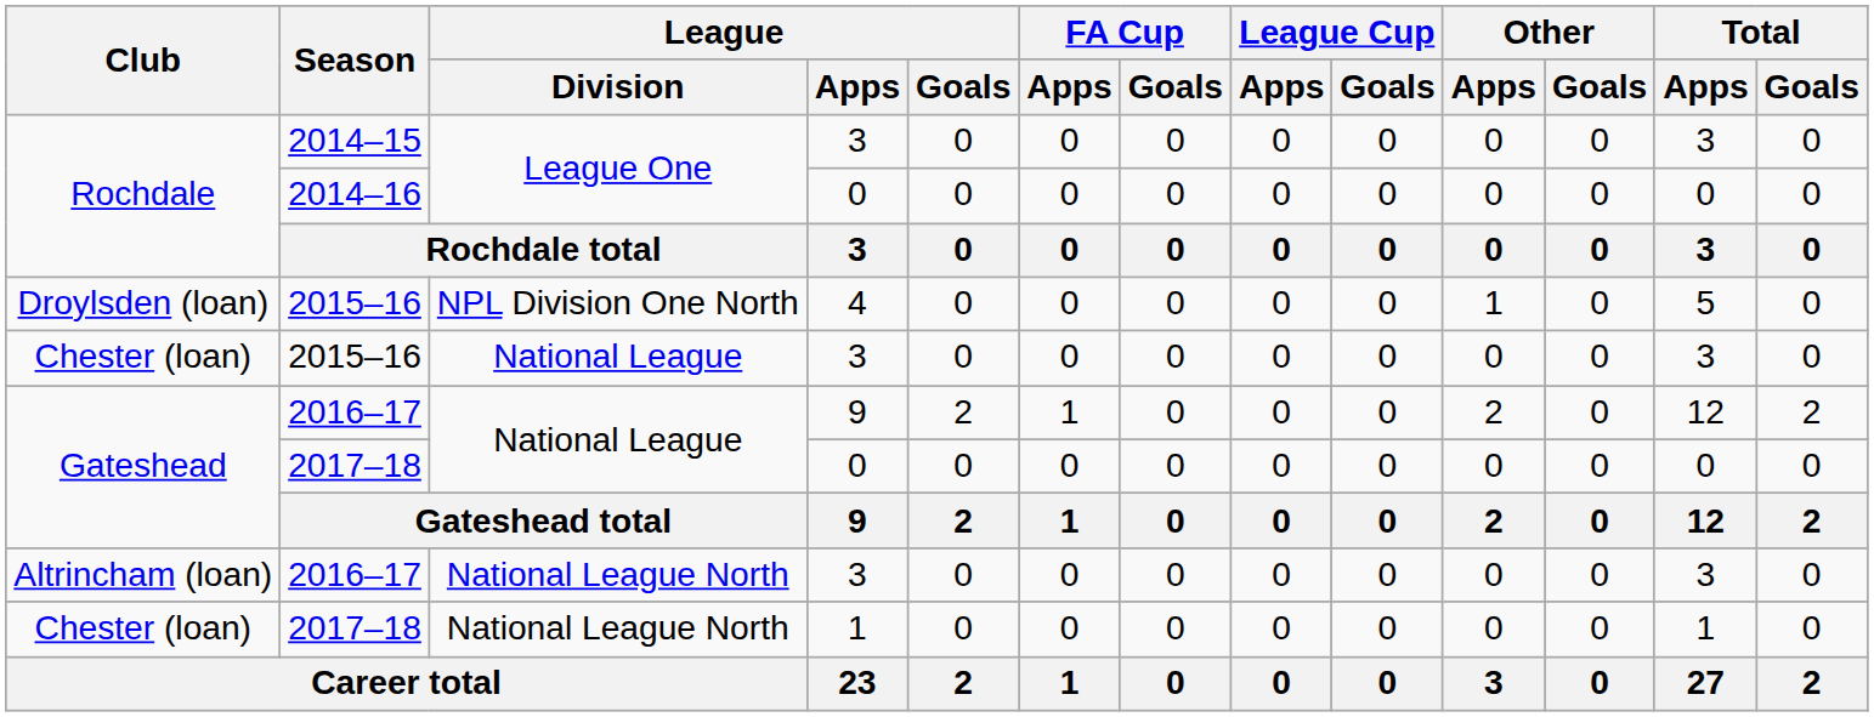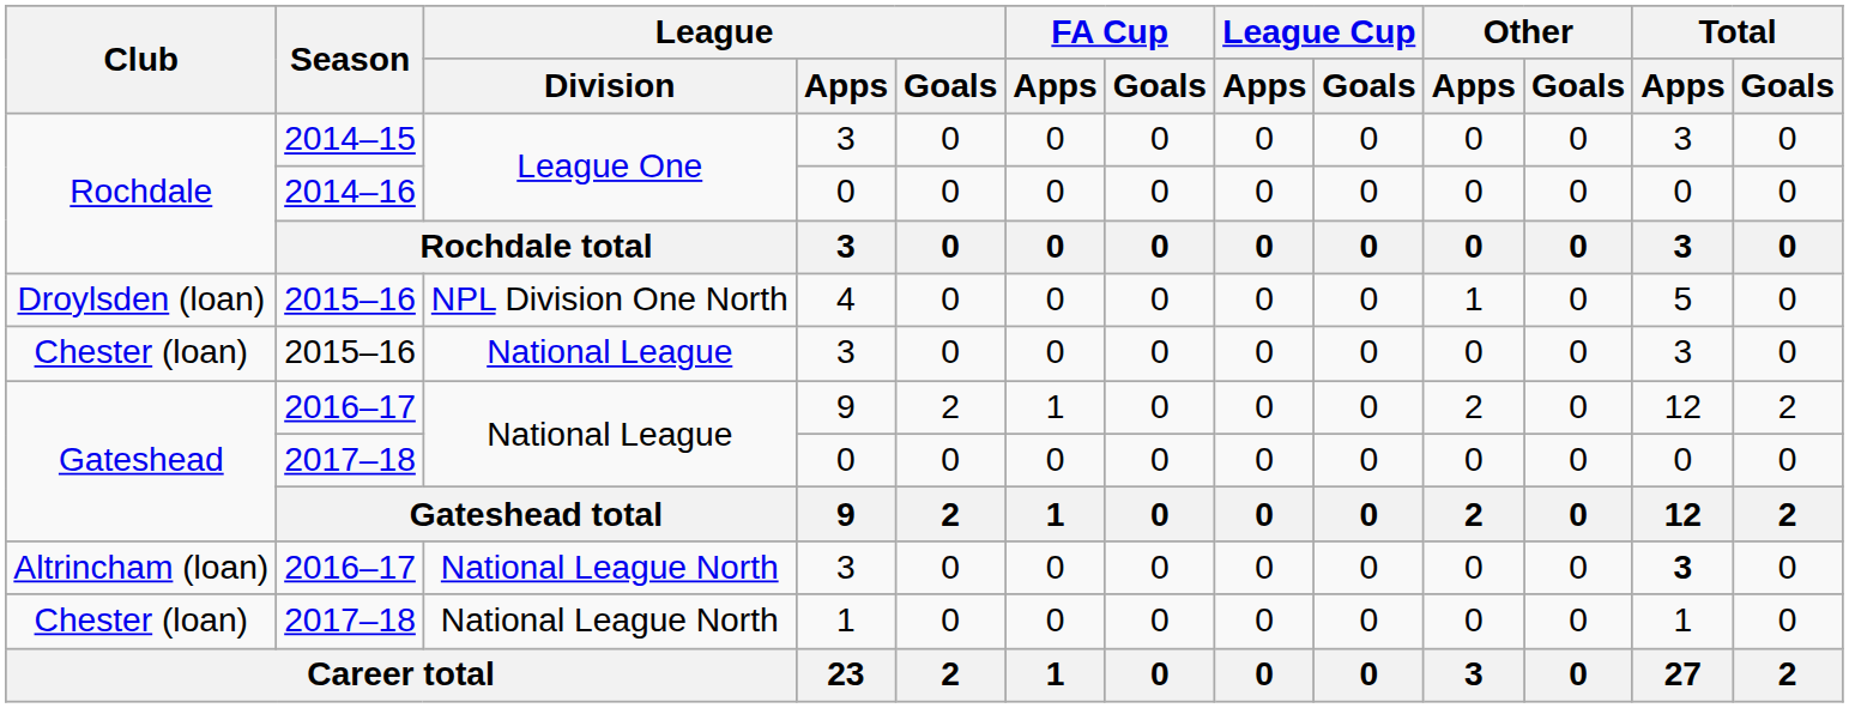 <table class="wikitable" style="text-align: center">
 <tr>
 <th rowspan="2">Club</th>
 <th rowspan="2">Season</th>
 <th colspan="3">League</th>
 <th colspan="2"><a href='#'>FA Cup</a></th>
 <th colspan="2"><a href='#'>League Cup</a></th>
 <th colspan="2">Other</th>
 <th colspan="2">Total</th>
 </tr>
 <tr>
 <th>Division</th>
 <th>Apps</th>
 <th>Goals</th>
 <th>Apps</th>
 <th>Goals</th>
 <th>Apps</th>
 <th>Goals</th>
 <th>Apps</th>
 <th>Goals</th>
 <th>Apps</th>
 <th>Goals</th>
 </tr>
 <tr>
 <td rowspan="3"><a href='#'>Rochdale</a></td>
 <td><a href='#'>2014–15</a></td>
 <td rowspan="2"><a href='#'>League One</a></td>
 <td>3</td>
 <td>0</td>
 <td>0</td>
 <td>0</td>
 <td>0</td>
 <td>0</td>
 <td>0</td>
 <td>0</td>
 <td>3</td>
 <td>0</td>
 </tr>
 <tr>
 <td><a href='#'>2014–16</a></td>
 <td>0</td>
 <td>0</td>
 <td>0</td>
 <td>0</td>
 <td>0</td>
 <td>0</td>
 <td>0</td>
 <td>0</td>
 <td>0</td>
 <td>0</td>
 </tr>
 <tr>
 <th colspan="2">Rochdale total</th>
 <th>3</th>
 <th>0</th>
 <th>0</th>
 <th>0</th>
 <th>0</th>
 <th>0</th>
 <th>0</th>
 <th>0</th>
 <th>3</th>
 <th>0</th>
 </tr>
 <tr>
 <td><a href='#'>Droylsden</a> (loan)</td>
 <td><a href='#'>2015–16</a></td>
 <td><a href='#'>NPL</a> Division One North</td>
 <td>4</td>
 <td>0</td>
 <td>0</td>
 <td>0</td>
 <td>0</td>
 <td>0</td>
 <td>1</td>
 <td>0</td>
 <td>5</td>
 <td>0</td>
 </tr>
 <tr>
 <td><a href='#'>Chester</a> (loan)</td>
 <td>2015–16</td>
 <td><a href='#'>National League</a></td>
 <td>3</td>
 <td>0</td>
 <td>0</td>
 <td>0</td>
 <td>0</td>
 <td>0</td>
 <td>0</td>
 <td>0</td>
 <td>3</td>
 <td>0</td>
 </tr>
 <tr>
 <td rowspan="3"><a href='#'>Gateshead</a></td>
 <td><a href='#'>2016–17</a></td>
 <td rowspan="2">National League</td>
 <td>9</td>
 <td>2</td>
 <td>1</td>
 <td>0</td>
 <td>0</td>
 <td>0</td>
 <td>2</td>
 <td>0</td>
 <td>12</td>
 <td>2</td>
 </tr>
 <tr>
 <td><a href='#'>2017–18</a></td>
 <td>0</td>
 <td>0</td>
 <td>0</td>
 <td>0</td>
 <td>0</td>
 <td>0</td>
 <td>0</td>
 <td>0</td>
 <td>0</td>
 <td>0</td>
 </tr>
 <tr>
 <th colspan="2">Gateshead total</th>
 <th>9</th>
 <th>2</th>
 <th>1</th>
 <th>0</th>
 <th>0</th>
 <th>0</th>
 <th>2</th>
 <th>0</th>
 <th>12</th>
 <th>2</th>
 </tr>
 <tr>
 <td><a href='#'>Altrincham</a> (loan)</td>
 <td><a href='#'>2016–17</a></td>
 <td><a href='#'>National League North</a></td>
 <td>3</td>
 <td>0</td>
 <td>0</td>
 <td>0</td>
 <td>0</td>
 <td>0</td>
 <td>0</td>
 <td>0</td>
-<td>3</td>
+<td><strong>3</strong></td>
 <td>0</td>
 </tr>
 <tr>
 <td><a href='#'>Chester</a> (loan)</td>
 <td><a href='#'>2017–18</a></td>
 <td>National League North</td>
 <td>1</td>
 <td>0</td>
 <td>0</td>
 <td>0</td>
 <td>0</td>
 <td>0</td>
 <td>0</td>
 <td>0</td>
 <td>1</td>
 <td>0</td>
 </tr>
 <tr>
 <th colspan="3">Career total</th>
 <th>23</th>
 <th>2</th>
 <th>1</th>
 <th>0</th>
 <th>0</th>
 <th>0</th>
 <th>3</th>
 <th>0</th>
 <th>27</th>
 <th>2</th>
 </tr>
 </table>
